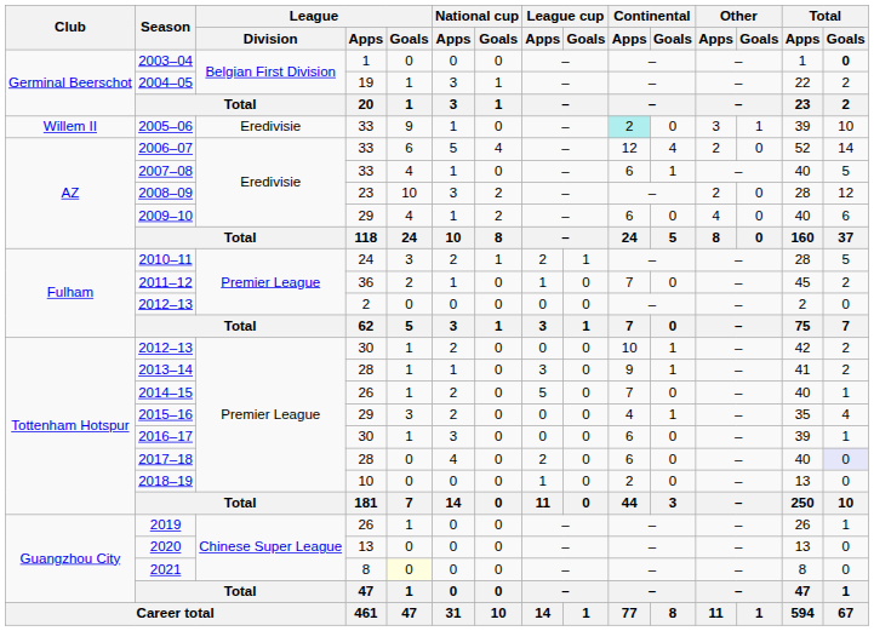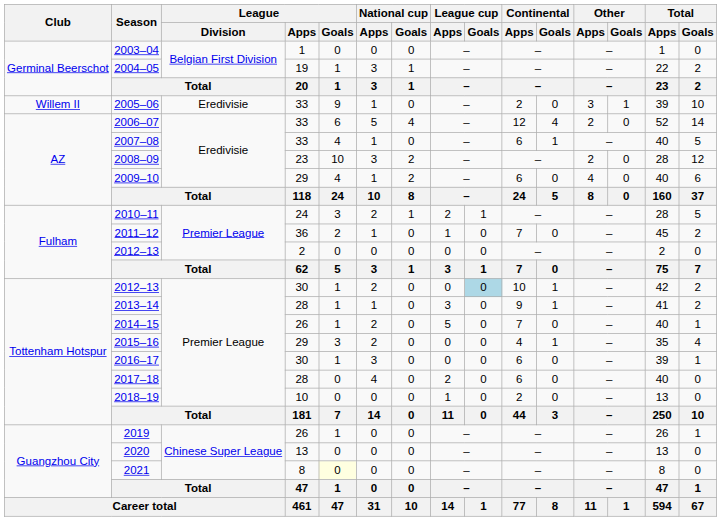 <table class="wikitable" style="text-align: center;">
 <tr>
 <th rowspan="2">Club</th>
 <th rowspan="2">Season</th>
 <th colspan="3">League</th>
 <th colspan="2">National cup</th>
 <th colspan="2">League cup</th>
 <th colspan="2">Continental</th>
 <th colspan="2">Other</th>
 <th colspan="2">Total</th>
 </tr>
 <tr>
 <th>Division</th>
 <th>Apps</th>
 <th>Goals</th>
 <th>Apps</th>
 <th>Goals</th>
 <th>Apps</th>
 <th>Goals</th>
 <th>Apps</th>
 <th>Goals</th>
 <th>Apps</th>
 <th>Goals</th>
 <th>Apps</th>
 <th>Goals</th>
 </tr>
 <tr>
 <td rowspan="3"><a href='#'>Germinal Beerschot</a></td>
 <td><a href='#'>2003–04</a></td>
 <td rowspan="2"><a href='#'>Belgian First Division</a></td>
 <td>1</td>
 <td>0</td>
 <td>0</td>
 <td>0</td>
 <td colspan="2">–</td>
 <td colspan="2">–</td>
 <td colspan="2">–</td>
 <td>1</td>
-<td><strong>0</strong></td>
+<td>0</td>
 </tr>
 <tr>
 <td><a href='#'>2004–05</a></td>
 <td>19</td>
 <td>1</td>
 <td>3</td>
 <td>1</td>
 <td colspan="2">–</td>
 <td colspan="2">–</td>
 <td colspan="2">–</td>
 <td>22</td>
 <td>2</td>
 </tr>
 <tr>
 <th colspan="2">Total</th>
 <th>20</th>
 <th>1</th>
 <th>3</th>
 <th>1</th>
 <th colspan="2">–</th>
 <th colspan="2">–</th>
 <th colspan="2">–</th>
 <th>23</th>
 <th>2</th>
 </tr>
 <tr>
 <td><a href='#'>Willem II</a></td>
 <td><a href='#'>2005–06</a></td>
 <td>Eredivisie</td>
 <td>33</td>
 <td>9</td>
 <td>1</td>
 <td>0</td>
 <td colspan="2">–</td>
-<td style="background: paleturquoise;">2</td>
+<td>2</td>
 <td>0</td>
 <td>3</td>
 <td>1</td>
 <td>39</td>
 <td>10</td>
 </tr>
 <tr>
 <td rowspan="5"><a href='#'>AZ</a></td>
 <td><a href='#'>2006–07</a></td>
 <td rowspan="4">Eredivisie</td>
 <td>33</td>
 <td>6</td>
 <td>5</td>
 <td>4</td>
 <td colspan="2">–</td>
 <td>12</td>
 <td>4</td>
 <td>2</td>
 <td>0</td>
 <td>52</td>
 <td>14</td>
 </tr>
 <tr>
 <td><a href='#'>2007–08</a></td>
 <td>33</td>
 <td>4</td>
 <td>1</td>
 <td>0</td>
 <td colspan="2">–</td>
 <td>6</td>
 <td>1</td>
 <td colspan="2">–</td>
 <td>40</td>
 <td>5</td>
 </tr>
 <tr>
 <td><a href='#'>2008–09</a></td>
 <td>23</td>
 <td>10</td>
 <td>3</td>
 <td>2</td>
 <td colspan="2">–</td>
 <td colspan="2">–</td>
 <td>2</td>
 <td>0</td>
 <td>28</td>
 <td>12</td>
 </tr>
 <tr>
 <td><a href='#'>2009–10</a></td>
 <td>29</td>
 <td>4</td>
 <td>1</td>
 <td>2</td>
 <td colspan="2">–</td>
 <td>6</td>
 <td>0</td>
 <td>4</td>
 <td>0</td>
 <td>40</td>
 <td>6</td>
 </tr>
 <tr>
 <th colspan="2">Total</th>
 <th>118</th>
 <th>24</th>
 <th>10</th>
 <th>8</th>
 <th colspan="2">–</th>
 <th>24</th>
 <th>5</th>
 <th>8</th>
 <th>0</th>
 <th>160</th>
 <th>37</th>
 </tr>
 <tr>
 <td rowspan="4"><a href='#'>Fulham</a></td>
 <td><a href='#'>2010–11</a></td>
 <td rowspan="3"><a href='#'>Premier League</a></td>
 <td>24</td>
 <td>3</td>
 <td>2</td>
 <td>1</td>
 <td>2</td>
 <td>1</td>
 <td colspan="2">–</td>
 <td colspan="2">–</td>
 <td>28</td>
 <td>5</td>
 </tr>
 <tr>
 <td><a href='#'>2011–12</a></td>
 <td>36</td>
 <td>2</td>
 <td>1</td>
 <td>0</td>
 <td>1</td>
 <td>0</td>
 <td>7</td>
 <td>0</td>
 <td colspan="2">–</td>
 <td>45</td>
 <td>2</td>
 </tr>
 <tr>
 <td><a href='#'>2012–13</a></td>
 <td>2</td>
 <td>0</td>
 <td>0</td>
 <td>0</td>
 <td>0</td>
 <td>0</td>
 <td colspan="2">–</td>
 <td colspan="2">–</td>
 <td>2</td>
 <td>0</td>
 </tr>
 <tr>
 <th colspan="2">Total</th>
 <th>62</th>
 <th>5</th>
 <th>3</th>
 <th>1</th>
 <th>3</th>
 <th>1</th>
 <th>7</th>
 <th>0</th>
 <th colspan="2">–</th>
 <th>75</th>
 <th>7</th>
 </tr>
 <tr>
 <td rowspan="8"><a href='#'>Tottenham Hotspur</a></td>
 <td><a href='#'>2012–13</a></td>
 <td rowspan="7">Premier League</td>
 <td>30</td>
 <td>1</td>
 <td>2</td>
 <td>0</td>
 <td>0</td>
-<td>0</td>
+<td style="background: lightblue;">0</td>
 <td>10</td>
 <td>1</td>
 <td colspan="2">–</td>
 <td>42</td>
 <td>2</td>
 </tr>
 <tr>
 <td><a href='#'>2013–14</a></td>
 <td>28</td>
 <td>1</td>
 <td>1</td>
 <td>0</td>
 <td>3</td>
 <td>0</td>
 <td>9</td>
 <td>1</td>
 <td colspan="2">–</td>
 <td>41</td>
 <td>2</td>
 </tr>
 <tr>
 <td><a href='#'>2014–15</a></td>
 <td>26</td>
 <td>1</td>
 <td>2</td>
 <td>0</td>
 <td>5</td>
 <td>0</td>
 <td>7</td>
 <td>0</td>
 <td colspan="2">–</td>
 <td>40</td>
 <td>1</td>
 </tr>
 <tr>
 <td><a href='#'>2015–16</a></td>
 <td>29</td>
 <td>3</td>
 <td>2</td>
 <td>0</td>
 <td>0</td>
 <td>0</td>
 <td>4</td>
 <td>1</td>
 <td colspan="2">–</td>
 <td>35</td>
 <td>4</td>
 </tr>
 <tr>
 <td><a href='#'>2016–17</a></td>
 <td>30</td>
 <td>1</td>
 <td>3</td>
 <td>0</td>
 <td>0</td>
 <td>0</td>
 <td>6</td>
 <td>0</td>
 <td colspan="2">–</td>
 <td>39</td>
 <td>1</td>
 </tr>
 <tr>
 <td><a href='#'>2017–18</a></td>
 <td>28</td>
 <td>0</td>
 <td>4</td>
 <td>0</td>
 <td>2</td>
 <td>0</td>
 <td>6</td>
 <td>0</td>
 <td colspan="2">–</td>
 <td>40</td>
-<td style="background: lavender;">0</td>
+<td>0</td>
 </tr>
 <tr>
 <td><a href='#'>2018–19</a></td>
 <td>10</td>
 <td>0</td>
 <td>0</td>
 <td>0</td>
 <td>1</td>
 <td>0</td>
 <td>2</td>
 <td>0</td>
 <td colspan="2">–</td>
 <td>13</td>
 <td>0</td>
 </tr>
 <tr>
 <th colspan="2">Total</th>
 <th>181</th>
 <th>7</th>
 <th>14</th>
 <th>0</th>
 <th>11</th>
 <th>0</th>
 <th>44</th>
 <th>3</th>
 <th colspan="2">–</th>
 <th>250</th>
 <th>10</th>
 </tr>
 <tr>
 <td rowspan="4"><a href='#'>Guangzhou City</a></td>
 <td><a href='#'>2019</a></td>
 <td rowspan="3"><a href='#'>Chinese Super League</a></td>
 <td>26</td>
 <td>1</td>
 <td>0</td>
 <td>0</td>
 <td colspan="2">–</td>
 <td colspan="2">–</td>
 <td colspan="2">–</td>
 <td>26</td>
 <td>1</td>
 </tr>
 <tr>
 <td><a href='#'>2020</a></td>
 <td>13</td>
 <td>0</td>
 <td>0</td>
 <td>0</td>
 <td colspan="2">–</td>
 <td colspan="2">–</td>
 <td colspan="2">–</td>
 <td>13</td>
 <td>0</td>
 </tr>
 <tr>
 <td><a href='#'>2021</a></td>
 <td>8</td>
 <td style="background: lightyellow;">0</td>
 <td>0</td>
 <td>0</td>
 <td colspan="2">–</td>
 <td colspan="2">–</td>
 <td colspan="2">–</td>
 <td>8</td>
 <td>0</td>
 </tr>
 <tr>
 <th colspan="2">Total</th>
 <th>47</th>
 <th>1</th>
 <th>0</th>
 <th>0</th>
 <th colspan="2">–</th>
 <th colspan="2">–</th>
 <th colspan="2">–</th>
 <th>47</th>
 <th>1</th>
 </tr>
 <tr>
 <th colspan="3">Career total</th>
 <th>461</th>
 <th>47</th>
 <th>31</th>
 <th>10</th>
 <th>14</th>
 <th>1</th>
 <th>77</th>
 <th>8</th>
 <th>11</th>
 <th>1</th>
 <th>594</th>
 <th>67</th>
 </tr>
 </table>
